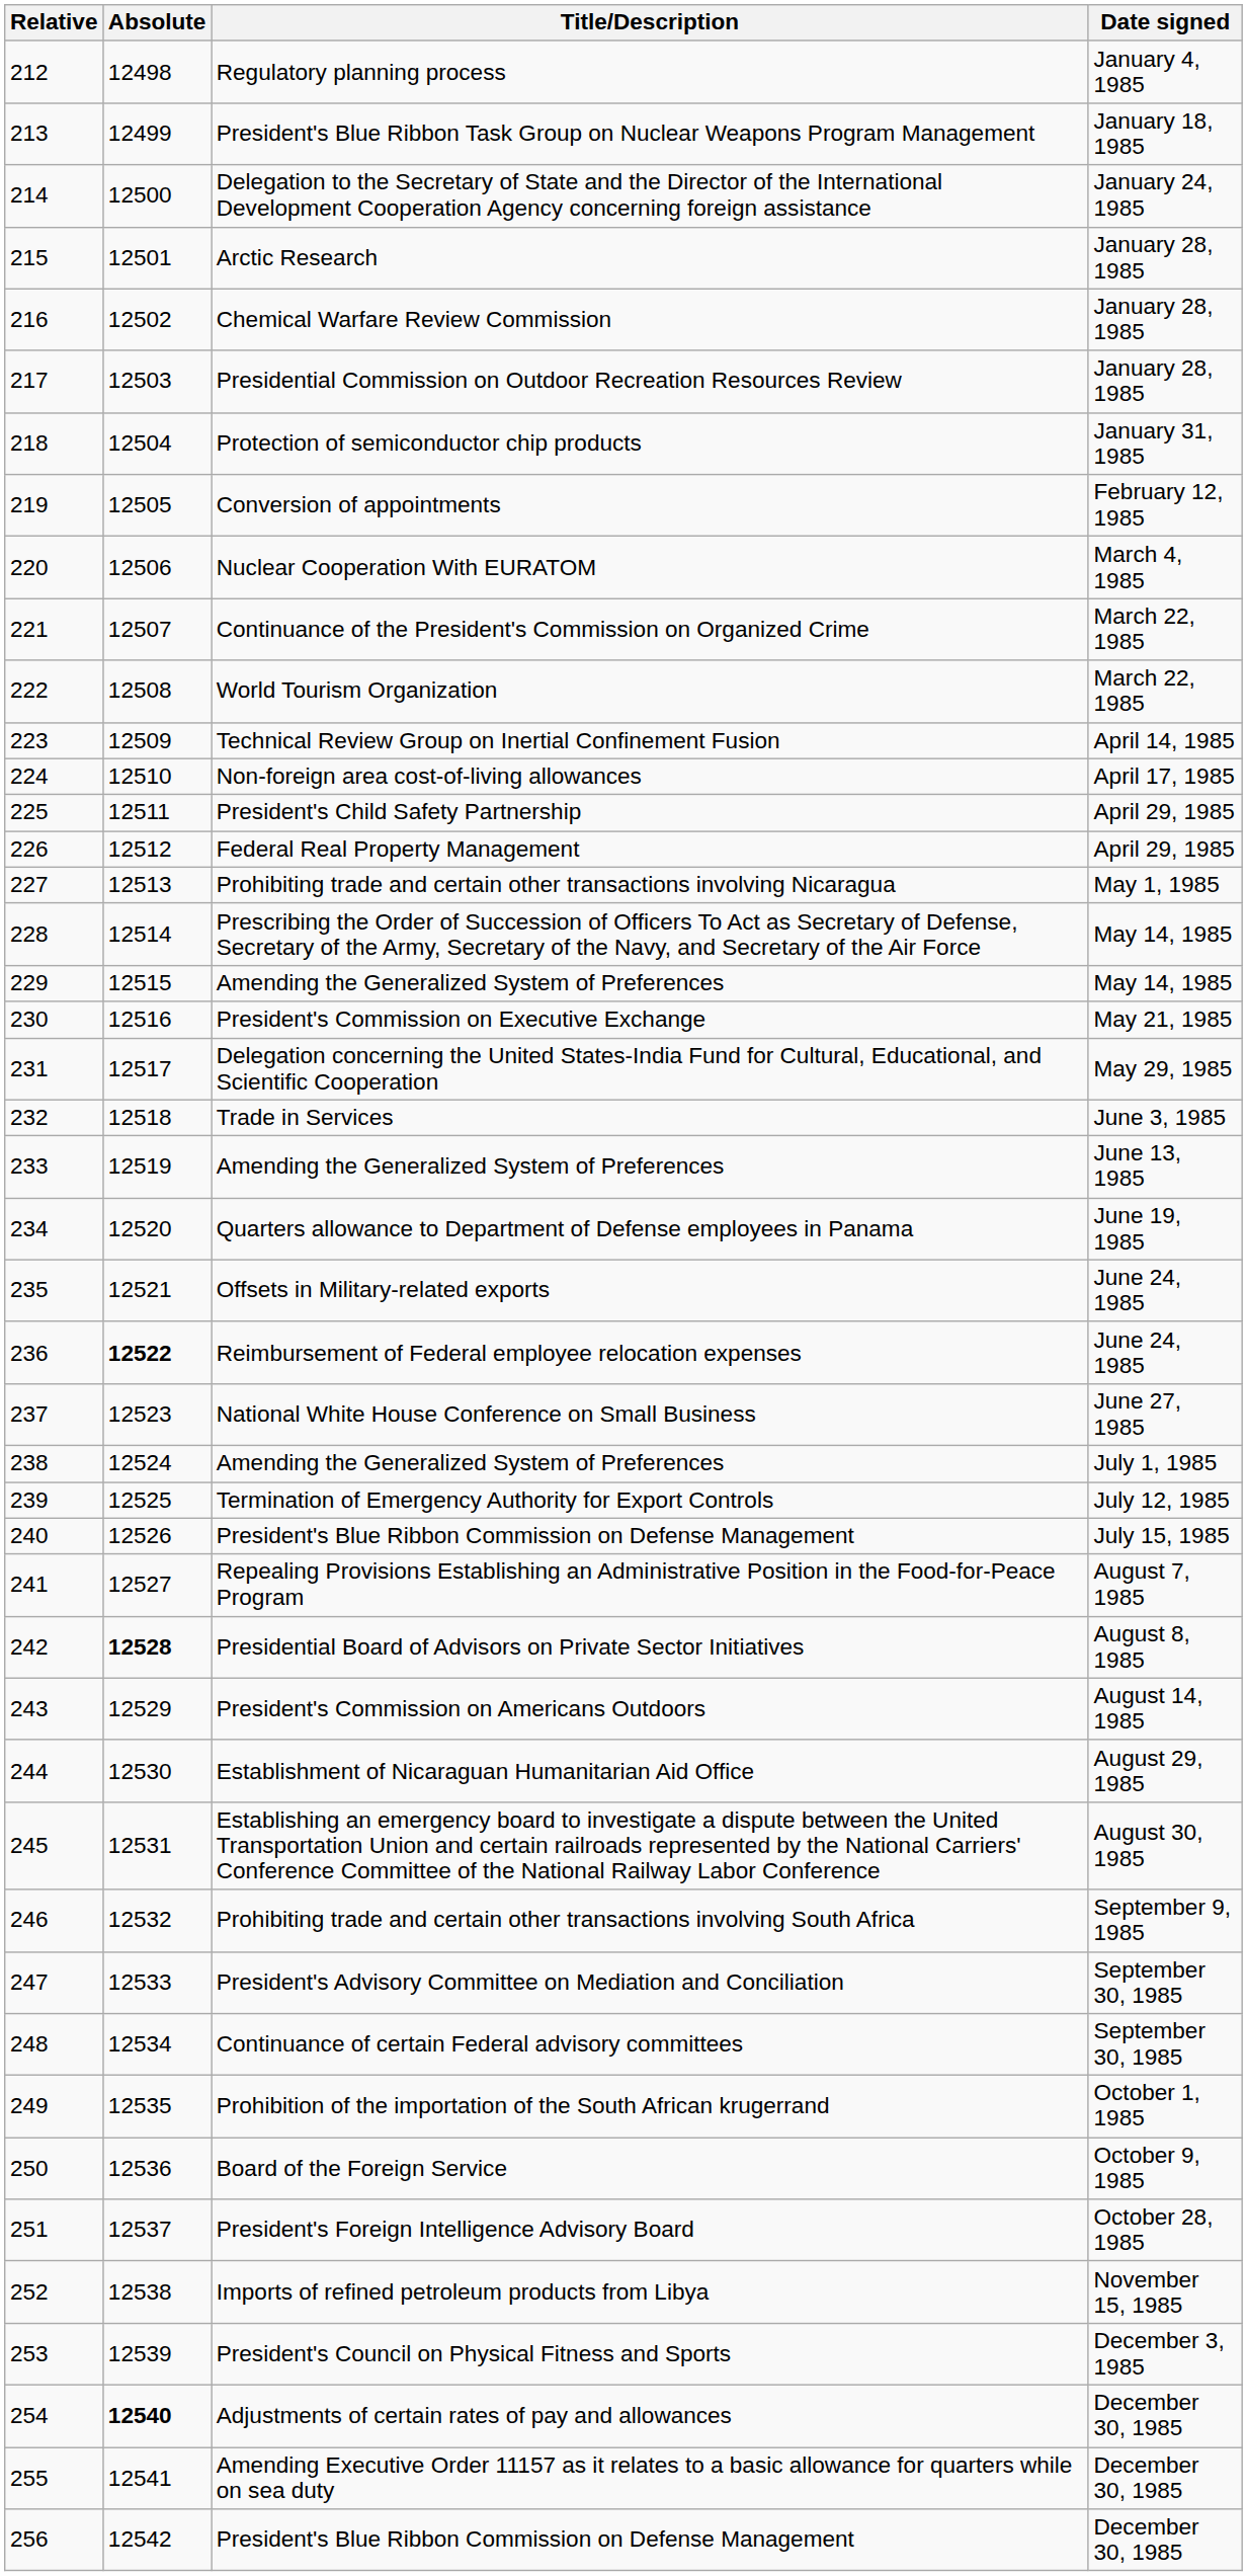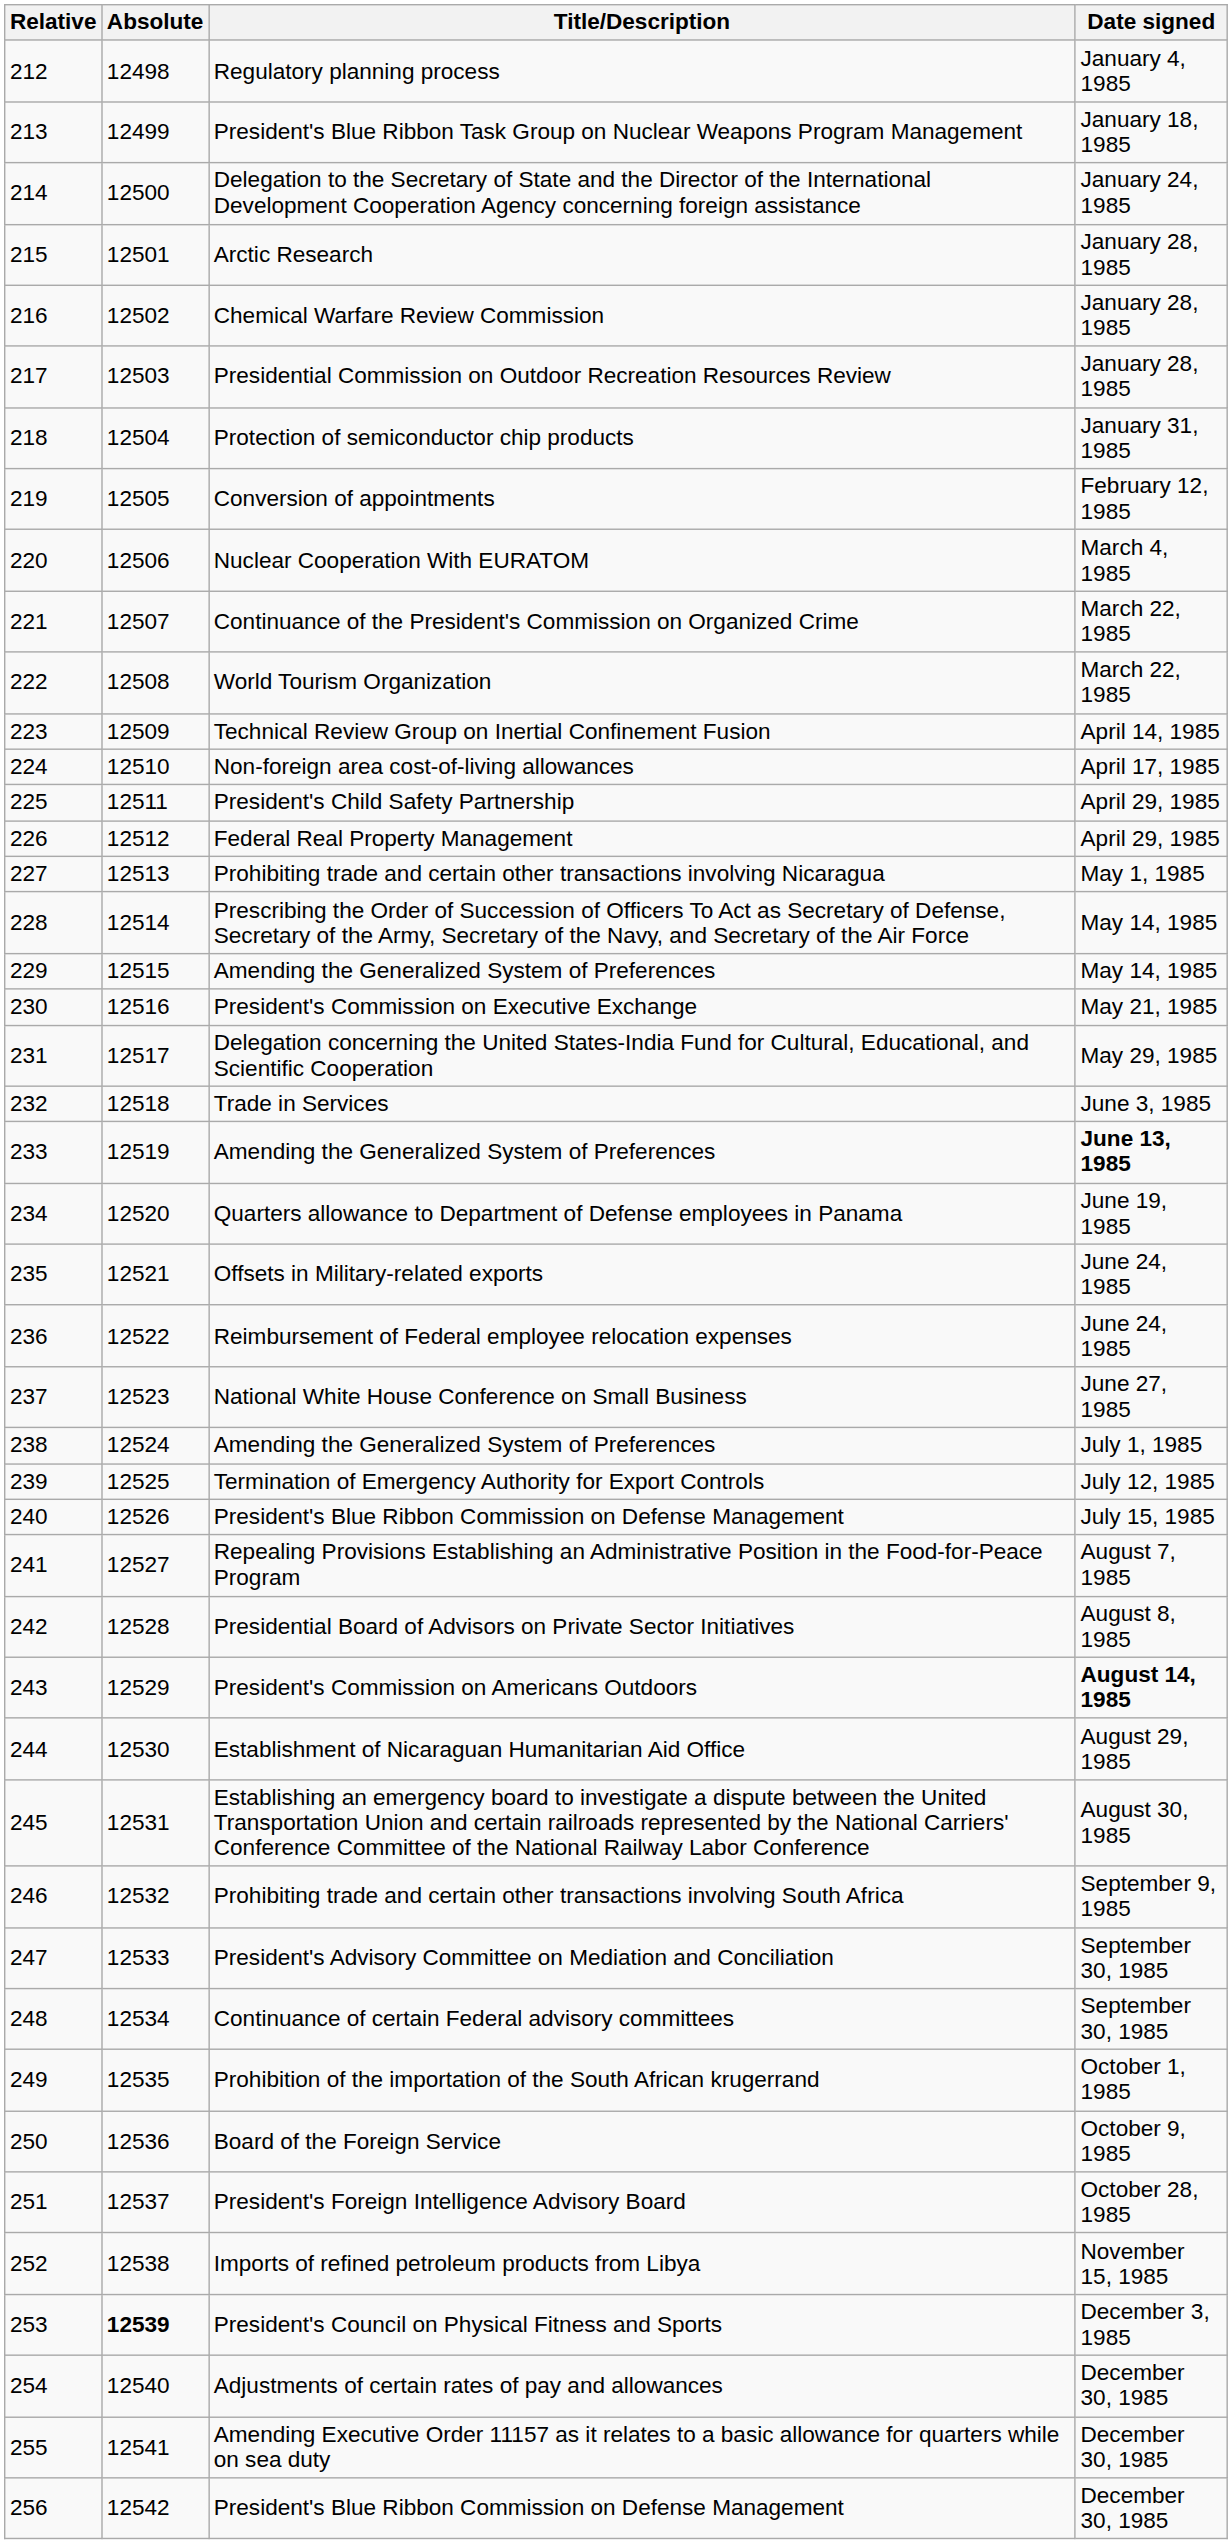 <table class="wikitable">
 <tr>
 <th>Relative </th>
 <th>Absolute </th>
 <th>Title/Description</th>
 <th>Date signed</th>
 </tr>
 <tr>
 <td>212</td>
 <td>12498</td>
 <td>Regulatory planning process</td>
 <td>January 4, 1985</td>
 </tr>
 <tr>
 <td>213</td>
 <td>12499</td>
 <td>President's Blue Ribbon Task Group on Nuclear Weapons Program Management</td>
 <td>January 18, 1985</td>
 </tr>
 <tr>
 <td>214</td>
 <td>12500</td>
 <td>Delegation to the Secretary of State and the Director of the International Development Cooperation Agency concerning foreign assistance</td>
 <td>January 24, 1985</td>
 </tr>
 <tr>
 <td>215</td>
 <td>12501</td>
 <td>Arctic Research</td>
 <td>January 28, 1985</td>
 </tr>
 <tr>
 <td>216</td>
 <td>12502</td>
 <td>Chemical Warfare Review Commission</td>
 <td>January 28, 1985</td>
 </tr>
 <tr>
 <td>217</td>
 <td>12503</td>
 <td>Presidential Commission on Outdoor Recreation Resources Review</td>
 <td>January 28, 1985</td>
 </tr>
 <tr>
 <td>218</td>
 <td>12504</td>
 <td>Protection of semiconductor chip products</td>
 <td>January 31, 1985</td>
 </tr>
 <tr>
 <td>219</td>
 <td>12505</td>
 <td>Conversion of appointments</td>
 <td>February 12, 1985</td>
 </tr>
 <tr>
 <td>220</td>
 <td>12506</td>
 <td>Nuclear Cooperation With EURATOM</td>
 <td>March 4, 1985</td>
 </tr>
 <tr>
 <td>221</td>
 <td>12507</td>
 <td>Continuance of the President's Commission on Organized Crime</td>
 <td>March 22, 1985</td>
 </tr>
 <tr>
 <td>222</td>
 <td>12508</td>
 <td>World Tourism Organization</td>
 <td>March 22, 1985</td>
 </tr>
 <tr>
 <td>223</td>
 <td>12509</td>
 <td>Technical Review Group on Inertial Confinement Fusion</td>
 <td>April 14, 1985</td>
 </tr>
 <tr>
 <td>224</td>
 <td>12510</td>
 <td>Non-foreign area cost-of-living allowances</td>
 <td>April 17, 1985</td>
 </tr>
 <tr>
 <td>225</td>
 <td>12511</td>
 <td>President's Child Safety Partnership</td>
 <td>April 29, 1985</td>
 </tr>
 <tr>
 <td>226</td>
 <td>12512</td>
 <td>Federal Real Property Management</td>
 <td>April 29, 1985</td>
 </tr>
 <tr>
 <td>227</td>
 <td>12513</td>
 <td>Prohibiting trade and certain other transactions involving Nicaragua</td>
 <td>May 1, 1985</td>
 </tr>
 <tr>
 <td>228</td>
 <td>12514</td>
 <td>Prescribing the Order of Succession of Officers To Act as Secretary of Defense, Secretary of the Army, Secretary of the Navy, and Secretary of the Air Force</td>
 <td>May 14, 1985</td>
 </tr>
 <tr>
 <td>229</td>
 <td>12515</td>
 <td>Amending the Generalized System of Preferences</td>
 <td>May 14, 1985</td>
 </tr>
 <tr>
 <td>230</td>
 <td>12516</td>
 <td>President's Commission on Executive Exchange</td>
 <td>May 21, 1985</td>
 </tr>
 <tr>
 <td>231</td>
 <td>12517</td>
 <td>Delegation concerning the United States-India Fund for Cultural, Educational, and Scientific Cooperation</td>
 <td>May 29, 1985</td>
 </tr>
 <tr>
 <td>232</td>
 <td>12518</td>
 <td>Trade in Services</td>
 <td>June 3, 1985</td>
 </tr>
 <tr>
 <td>233</td>
 <td>12519</td>
 <td>Amending the Generalized System of Preferences</td>
-<td>June 13, 1985</td>
+<td><strong>June 13, 1985</strong></td>
 </tr>
 <tr>
 <td>234</td>
 <td>12520</td>
 <td>Quarters allowance to Department of Defense employees in Panama</td>
 <td>June 19, 1985</td>
 </tr>
 <tr>
 <td>235</td>
 <td>12521</td>
 <td>Offsets in Military-related exports</td>
 <td>June 24, 1985</td>
 </tr>
 <tr>
 <td>236</td>
-<td><strong>12522</strong></td>
+<td>12522</td>
 <td>Reimbursement of Federal employee relocation expenses</td>
 <td>June 24, 1985</td>
 </tr>
 <tr>
 <td>237</td>
 <td>12523</td>
 <td>National White House Conference on Small Business</td>
 <td>June 27, 1985</td>
 </tr>
 <tr>
 <td>238</td>
 <td>12524</td>
 <td>Amending the Generalized System of Preferences</td>
 <td>July 1, 1985</td>
 </tr>
 <tr>
 <td>239</td>
 <td>12525</td>
 <td>Termination of Emergency Authority for Export Controls</td>
 <td>July 12, 1985</td>
 </tr>
 <tr>
 <td>240</td>
 <td>12526</td>
 <td>President's Blue Ribbon Commission on Defense Management</td>
 <td>July 15, 1985</td>
 </tr>
 <tr>
 <td>241</td>
 <td>12527</td>
 <td>Repealing Provisions Establishing an Administrative Position in the Food-for-Peace Program</td>
 <td>August 7, 1985</td>
 </tr>
 <tr>
 <td>242</td>
-<td><strong>12528</strong></td>
+<td>12528</td>
 <td>Presidential Board of Advisors on Private Sector Initiatives</td>
 <td>August 8, 1985</td>
 </tr>
 <tr>
 <td>243</td>
 <td>12529</td>
 <td>President's Commission on Americans Outdoors</td>
-<td>August 14, 1985</td>
+<td><strong>August 14, 1985</strong></td>
 </tr>
 <tr>
 <td>244</td>
 <td>12530</td>
 <td>Establishment of Nicaraguan Humanitarian Aid Office</td>
 <td>August 29, 1985</td>
 </tr>
 <tr>
 <td>245</td>
 <td>12531</td>
 <td>Establishing an emergency board to investigate a dispute between the United Transportation Union and certain railroads represented by the National Carriers' Conference Committee of the National Railway Labor Conference</td>
 <td>August 30, 1985</td>
 </tr>
 <tr>
 <td>246</td>
 <td>12532</td>
 <td>Prohibiting trade and certain other transactions involving South Africa</td>
 <td>September 9, 1985</td>
 </tr>
 <tr>
 <td>247</td>
 <td>12533</td>
 <td>President's Advisory Committee on Mediation and Conciliation</td>
 <td>September 30, 1985</td>
 </tr>
 <tr>
 <td>248</td>
 <td>12534</td>
 <td>Continuance of certain Federal advisory committees</td>
 <td>September 30, 1985</td>
 </tr>
 <tr>
 <td>249</td>
 <td>12535</td>
 <td>Prohibition of the importation of the South African krugerrand</td>
 <td>October 1, 1985</td>
 </tr>
 <tr>
 <td>250</td>
 <td>12536</td>
 <td>Board of the Foreign Service</td>
 <td>October 9, 1985</td>
 </tr>
 <tr>
 <td>251</td>
 <td>12537</td>
 <td>President's Foreign Intelligence Advisory Board</td>
 <td>October 28, 1985</td>
 </tr>
 <tr>
 <td>252</td>
 <td>12538</td>
 <td>Imports of refined petroleum products from Libya</td>
 <td>November 15, 1985</td>
 </tr>
 <tr>
 <td>253</td>
-<td>12539</td>
+<td><strong>12539</strong></td>
 <td>President's Council on Physical Fitness and Sports</td>
 <td>December 3, 1985</td>
 </tr>
 <tr>
 <td>254</td>
-<td><strong>12540</strong></td>
+<td>12540</td>
 <td>Adjustments of certain rates of pay and allowances</td>
 <td>December 30, 1985</td>
 </tr>
 <tr>
 <td>255</td>
 <td>12541</td>
 <td>Amending Executive Order 11157 as it relates to a basic allowance for quarters while on sea duty</td>
 <td>December 30, 1985</td>
 </tr>
 <tr>
 <td>256</td>
 <td>12542</td>
 <td>President's Blue Ribbon Commission on Defense Management</td>
 <td>December 30, 1985</td>
 </tr>
 </table>
